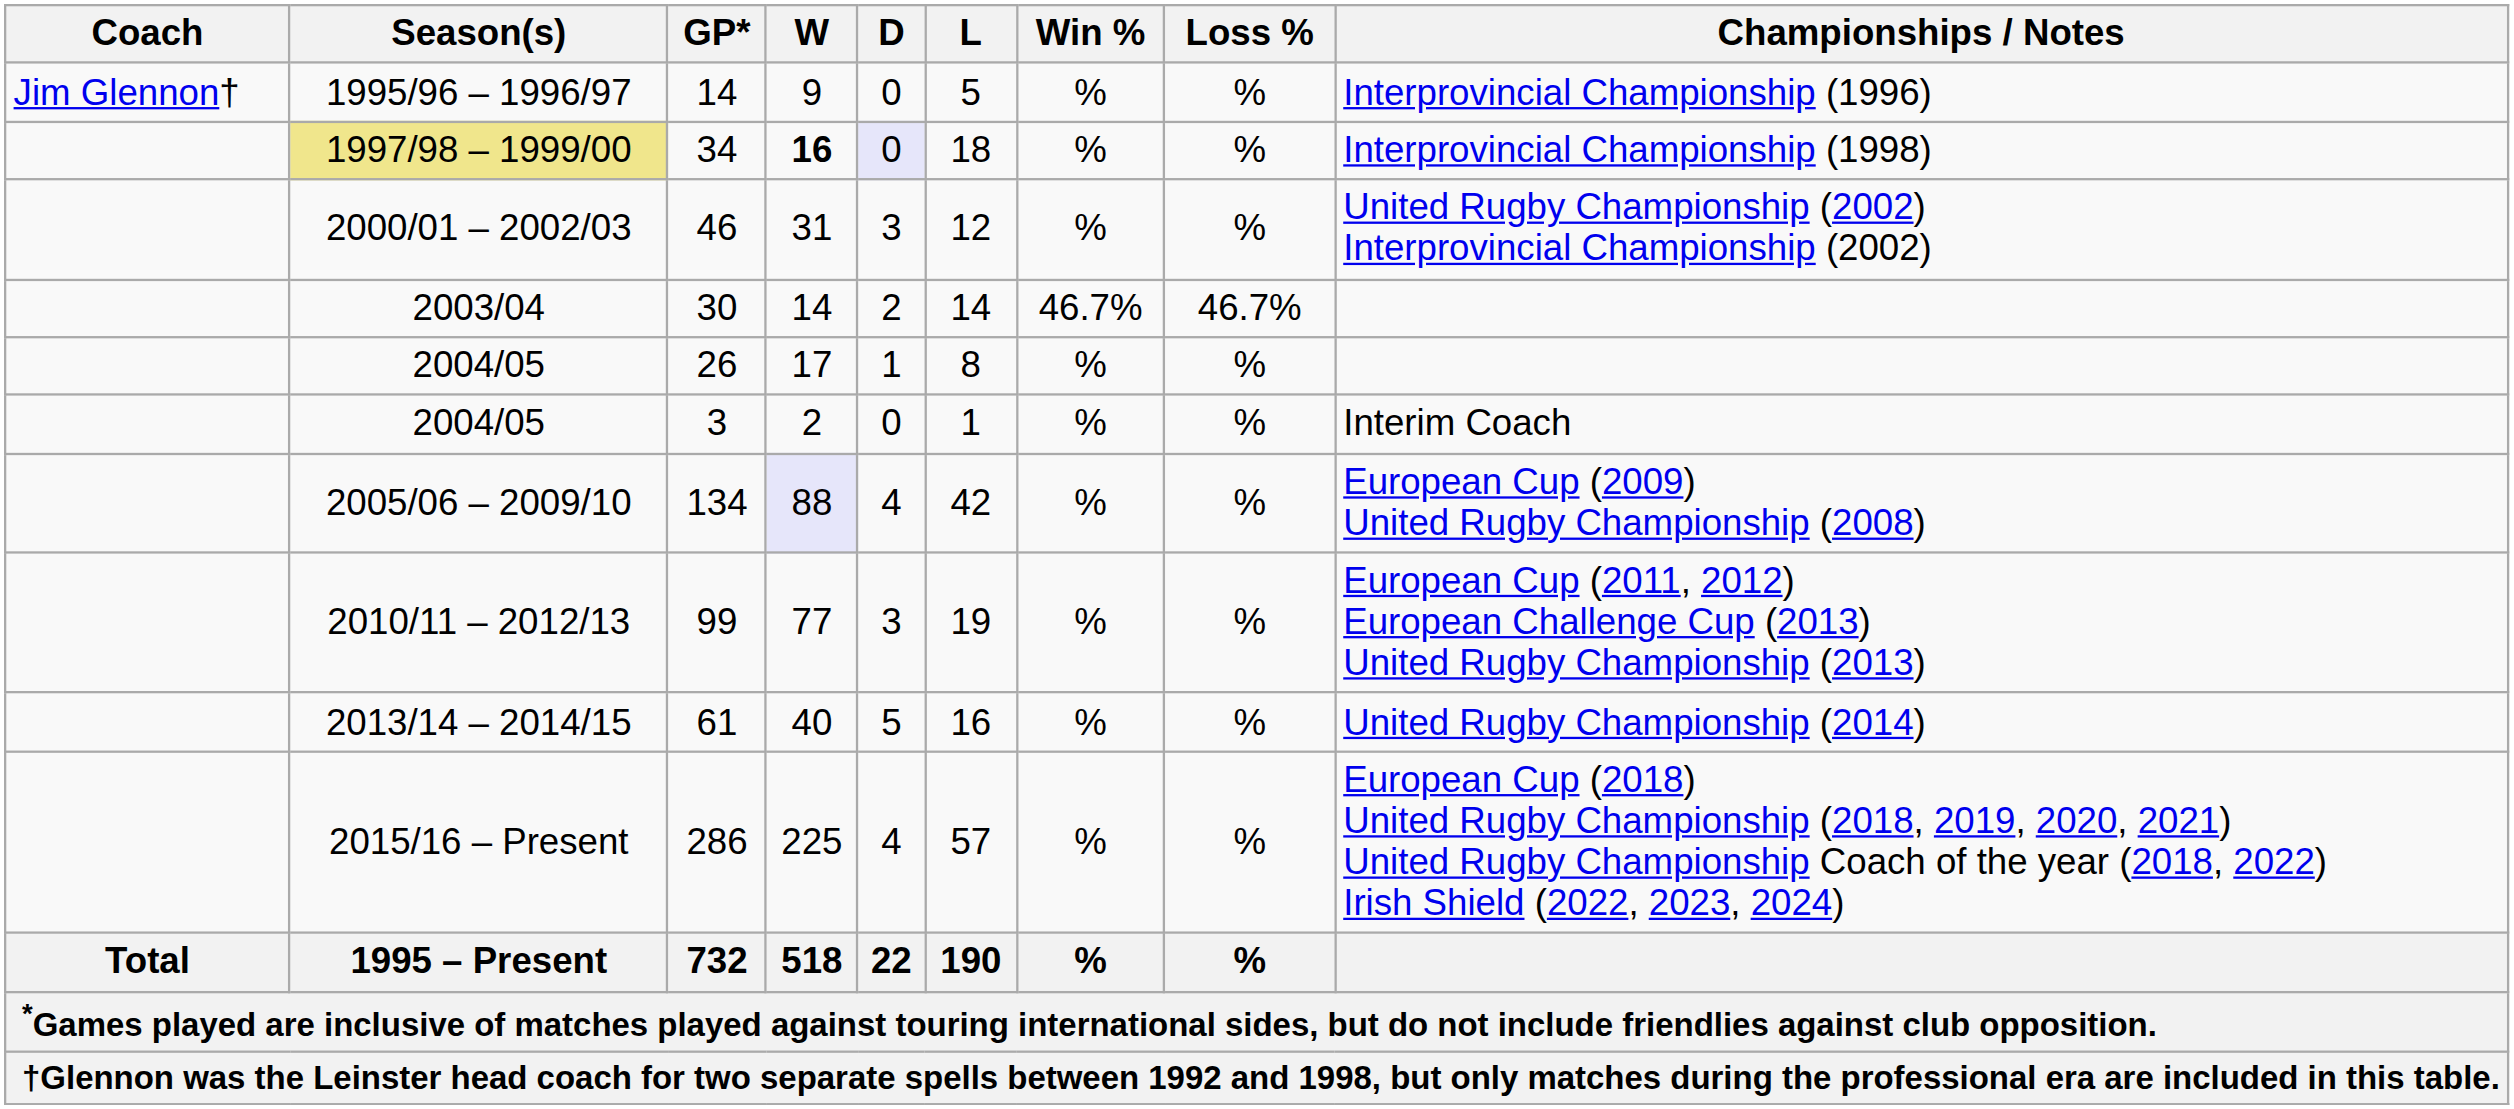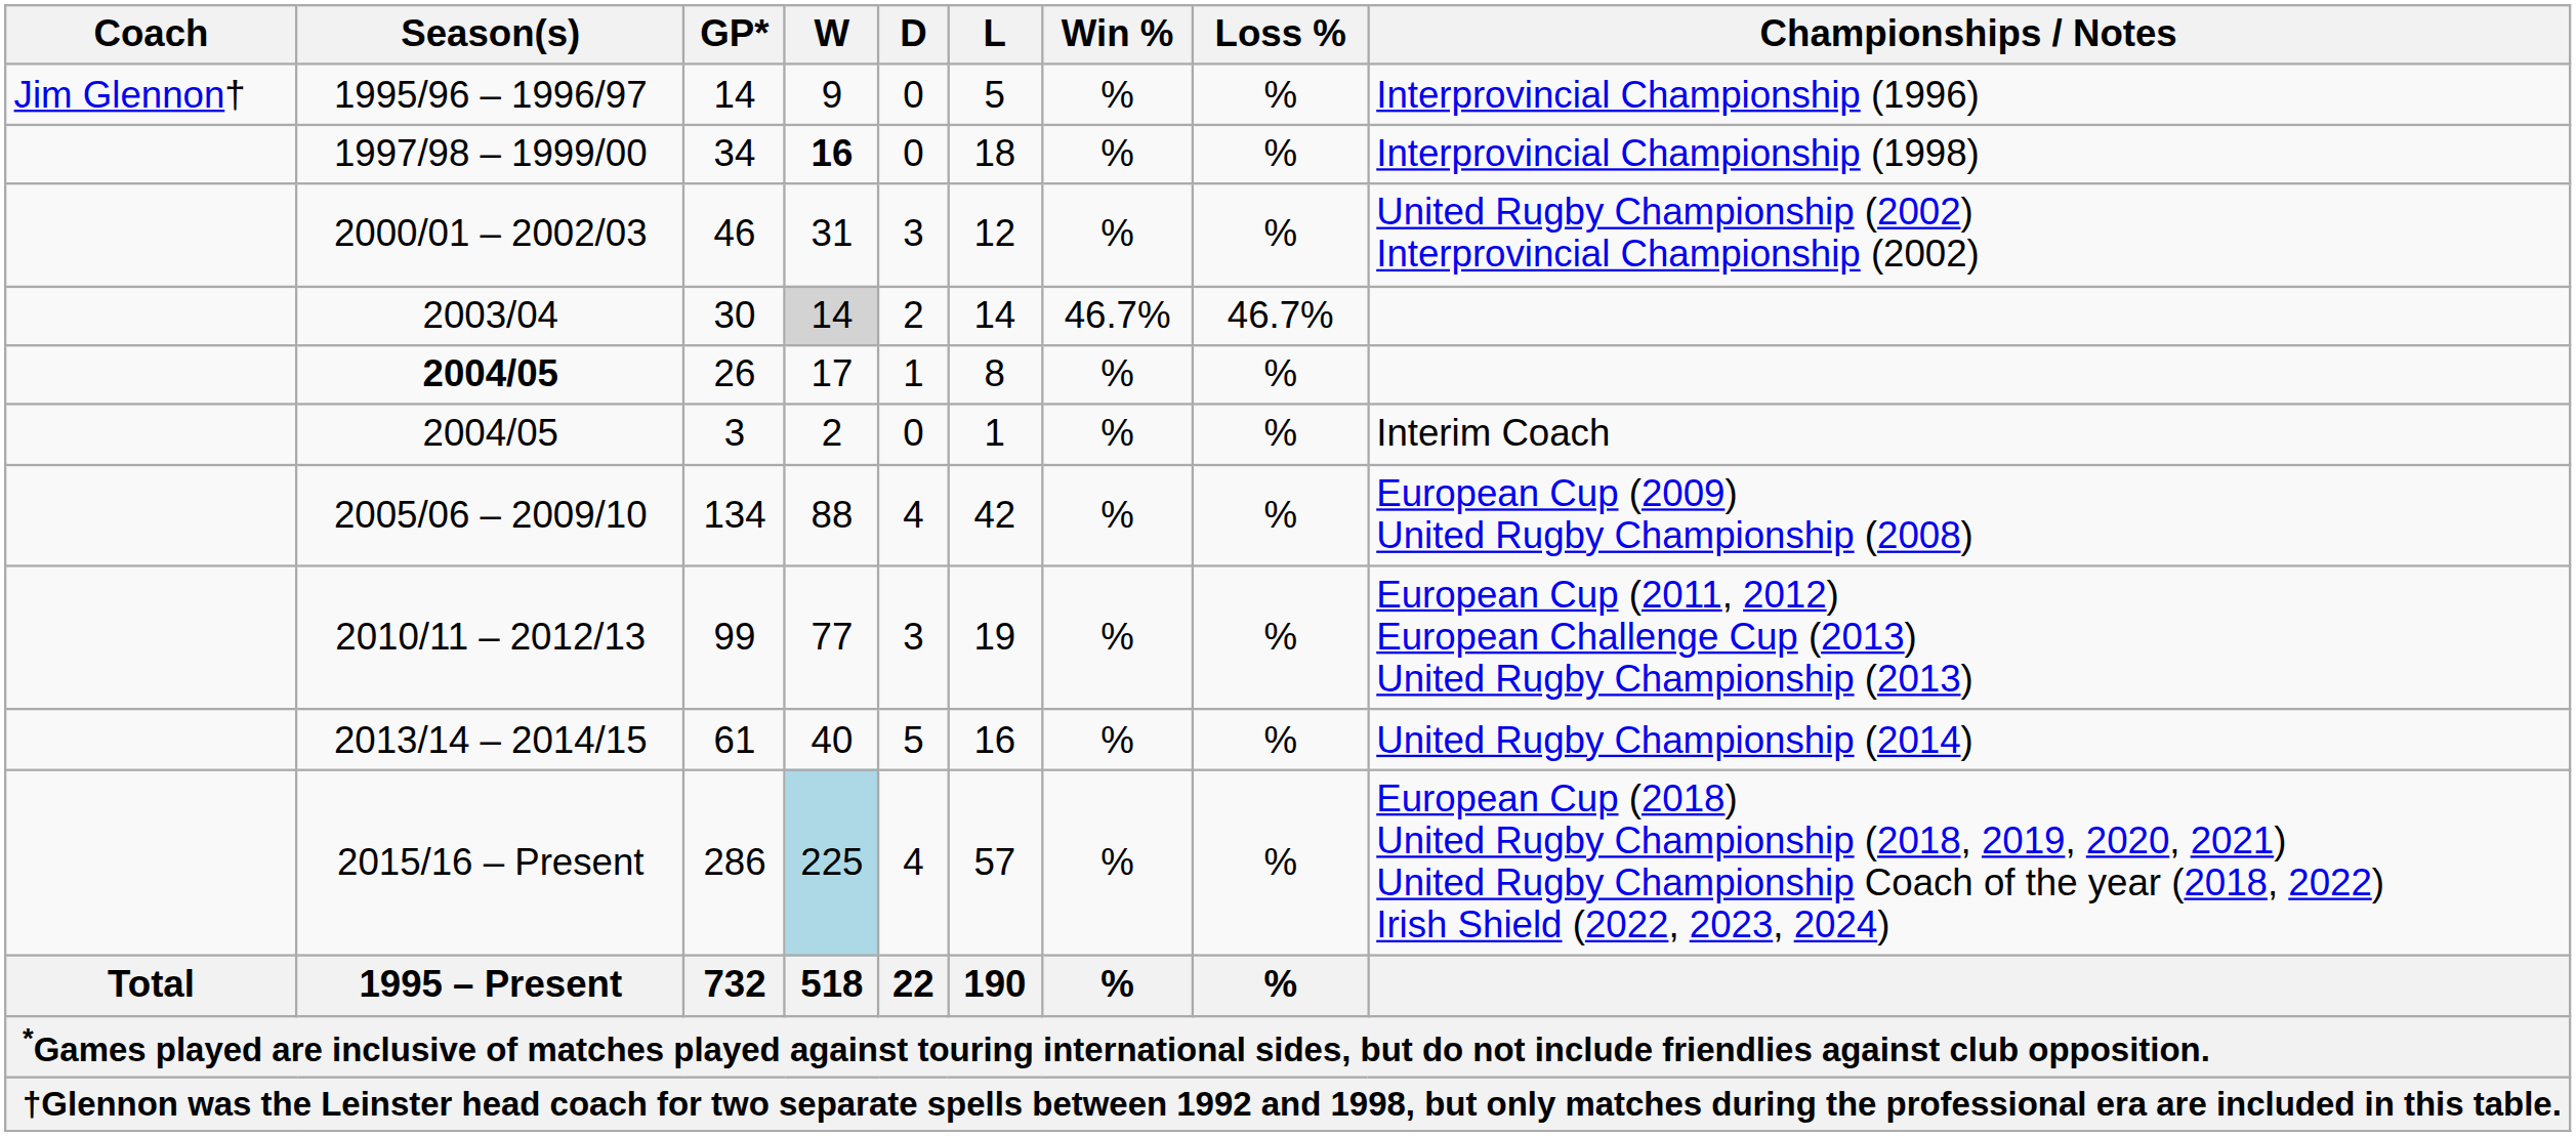 <table class="wikitable sortable" style="text-align:center;">
 <tr>
 <th>Coach</th>
 <th>Season(s)</th>
 <th>GP*</th>
 <th>W</th>
 <th>D</th>
 <th>L</th>
 <th>Win %</th>
 <th>Loss %</th>
 <th>Championships / Notes</th>
 </tr>
 <tr>
 <td style="text-align: left;"> <a href='#'>Jim Glennon</a>†</td>
 <td>1995/96 – 1996/97</td>
 <td>14</td>
 <td>9</td>
 <td>0</td>
 <td>5</td>
 <td>%</td>
 <td>%</td>
 <td style="text-align: left;"><a href='#'>Interprovincial Championship</a> (1996)</td>
 </tr>
 <tr>
 <td style="text-align: left;"> </td>
-<td style="background: khaki;">1997/98 – 1999/00</td>
+<td>1997/98 – 1999/00</td>
 <td>34</td>
 <td><strong>16</strong></td>
-<td style="background: lavender;">0</td>
+<td>0</td>
 <td>18</td>
 <td>%</td>
 <td>%</td>
 <td style="text-align: left;"><a href='#'>Interprovincial Championship</a> (1998)</td>
 </tr>
 <tr>
 <td style="text-align: left;"> </td>
 <td>2000/01 – 2002/03</td>
 <td>46</td>
 <td>31</td>
 <td>3</td>
 <td>12</td>
 <td>%</td>
 <td>%</td>
 <td style="text-align: left;"><a href='#'>United Rugby Championship</a> (<a href='#'>2002</a>)<br><a href='#'>Interprovincial Championship</a> (2002)</td>
 </tr>
 <tr>
 <td style="text-align: left;"> </td>
 <td>2003/04</td>
 <td>30</td>
-<td>14</td>
+<td style="background: lightgrey;">14</td>
 <td>2</td>
 <td>14</td>
 <td>46.7%</td>
 <td>46.7%</td>
 <td style="text-align: left;"></td>
 </tr>
 <tr>
 <td style="text-align: left;"> </td>
-<td>2004/05</td>
+<td><strong>2004/05</strong></td>
 <td>26</td>
 <td>17</td>
 <td>1</td>
 <td>8</td>
 <td>%</td>
 <td>%</td>
 <td style="text-align: left;"></td>
 </tr>
 <tr>
 <td style="text-align: left;"> </td>
 <td>2004/05</td>
 <td>3</td>
 <td>2</td>
 <td>0</td>
 <td>1</td>
 <td>%</td>
 <td>%</td>
 <td style="text-align: left;">Interim Coach</td>
 </tr>
 <tr>
 <td style="text-align: left;"> </td>
 <td>2005/06 – 2009/10</td>
 <td>134</td>
-<td style="background: lavender;">88</td>
+<td>88</td>
 <td>4</td>
 <td>42</td>
 <td>%</td>
 <td>%</td>
 <td style="text-align: left;"><a href='#'>European Cup</a> (<a href='#'>2009</a>)<br><a href='#'>United Rugby Championship</a> (<a href='#'>2008</a>)</td>
 </tr>
 <tr>
 <td style="text-align: left;"> </td>
 <td>2010/11 – 2012/13</td>
 <td>99</td>
 <td>77</td>
 <td>3</td>
 <td>19</td>
 <td>%</td>
 <td>%</td>
 <td style="text-align: left;"><a href='#'>European Cup</a> (<a href='#'>2011</a>, <a href='#'>2012</a>)<br><a href='#'>European Challenge Cup</a> (<a href='#'>2013</a>)<br><a href='#'>United Rugby Championship</a> (<a href='#'>2013</a>)</td>
 </tr>
 <tr>
 <td style="text-align: left;"> </td>
 <td>2013/14 – 2014/15</td>
 <td>61</td>
 <td>40</td>
 <td>5</td>
 <td>16</td>
 <td>%</td>
 <td>%</td>
 <td style="text-align: left;"><a href='#'>United Rugby Championship</a> (<a href='#'>2014</a>)</td>
 </tr>
 <tr>
 <td style="text-align: left;"> </td>
 <td>2015/16 – Present</td>
 <td>286</td>
-<td>225</td>
+<td style="background: lightblue;">225</td>
 <td>4</td>
 <td>57</td>
 <td>%</td>
 <td>%</td>
 <td style="text-align: left;"><a href='#'>European Cup</a> (<a href='#'>2018</a>)<br><a href='#'>United Rugby Championship</a> (<a href='#'>2018</a>, <a href='#'>2019</a>, <a href='#'>2020</a>, <a href='#'>2021</a>) <br> <a href='#'>United Rugby Championship</a> Coach of the year (<a href='#'>2018</a>, <a href='#'>2022</a>) <br> <a href='#'>Irish Shield</a> (<a href='#'>2022</a>, <a href='#'>2023</a>, <a href='#'>2024</a>)</td>
 </tr>
 <tr>
 <th style="text-align: center;">Total</th>
 <th><strong>1995 – Present</strong></th>
 <th><strong>732</strong></th>
 <th><strong>518</strong></th>
 <th><strong>22</strong></th>
 <th><strong>190</strong></th>
 <th><strong>%</strong></th>
 <th><strong>%</strong></th>
 <th></th>
 </tr>
 <tr>
 <th colspan="9" style="text-align: left;font-size:90%"> <sup>*</sup>Games played are inclusive of matches played against touring international sides, but do not include friendlies against club opposition.</th>
 </tr>
 <tr>
 <th colspan="9" style="text-align: left;font-size:90%"> †Glennon was the Leinster head coach for two separate spells between 1992 and 1998, but only matches during the professional era are included in this table.</th>
 </tr>
 <tr>
 </tr>
 </table>
